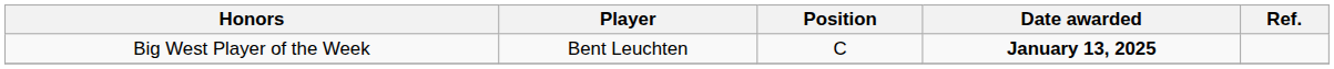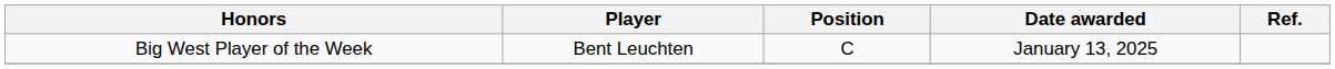 <table class="wikitable" style="width: 90%;text-align: center;">
 <tr>
 <th style=>Honors</th>
 <th style=>Player</th>
 <th style=>Position</th>
 <th style=>Date awarded</th>
 <th style=>Ref.</th>
 </tr>
 <tr align="center">
 <td rowspan="1">Big West Player of the Week</td>
 <td>Bent Leuchten</td>
 <td>C</td>
-<td><strong>January 13, 2025</strong></td>
+<td>January 13, 2025</td>
 <td></td>
 </tr>
 <tr>
 </tr>
 </table>
